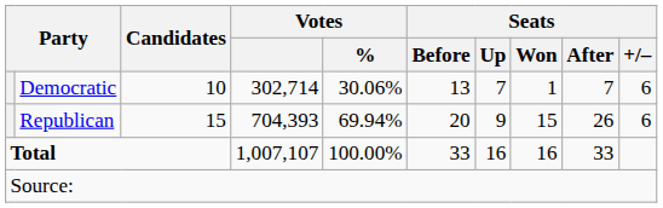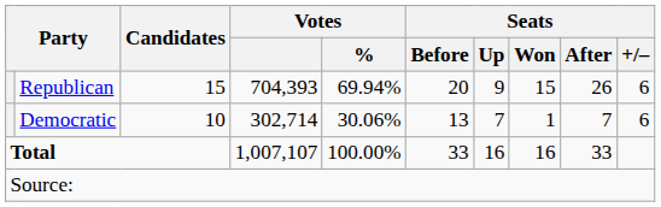 <table class="wikitable">
 <tr>
 <th colspan="2" rowspan="2">Party</th>
 <th rowspan="2">Candidates</th>
 <th colspan="2">Votes</th>
 <th colspan="5">Seats</th>
 </tr>
 <tr>
 <th></th>
 <th>%</th>
 <th>Before</th>
 <th>Up</th>
 <th>Won</th>
 <th>After</th>
 <th>+/–</th>
 </tr>
 <tr>
 <th style="background-color:"></th>
+<td><a href='#'>Republican</a></td>
+<td align="right">15</td>
+<td align="right">704,393</td>
+<td align="right">69.94%</td>
+<td align="right">20</td>
+<td align="right">9</td>
+<td align="right">15</td>
+<td align="right">26</td>
+<td align="right"> 6</td>
+</tr>
+<tr>
+<th style="background-color:"></th>
 <td><a href='#'>Democratic</a></td>
 <td align="right">10</td>
 <td align="right">302,714</td>
 <td align="right">30.06%</td>
 <td align="right">13</td>
 <td align="right">7</td>
 <td align="right">1</td>
 <td align="right">7</td>
-<td align="right"> 6</td>
-</tr>
-<tr>
-<th style="background-color:"></th>
-<td><a href='#'>Republican</a></td>
-<td align="right">15</td>
-<td align="right">704,393</td>
-<td align="right">69.94%</td>
-<td align="right">20</td>
-<td align="right">9</td>
-<td align="right">15</td>
-<td align="right">26</td>
 <td align="right"> 6</td>
 </tr>
 <tr>
 <td colspan="3" align="left"><strong>Total</strong></td>
 <td align="right">1,007,107</td>
 <td align="right">100.00%</td>
 <td align="right">33</td>
 <td align="right">16</td>
 <td align="right">16</td>
 <td align="right">33</td>
 <td align="right"></td>
 </tr>
 <tr>
 <td colspan="10">Source: </td>
 </tr>
 </table>
